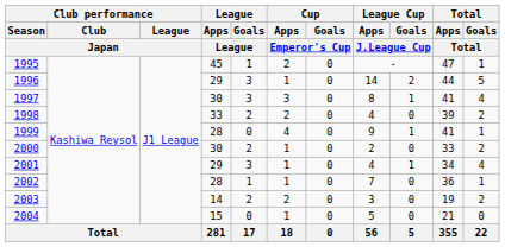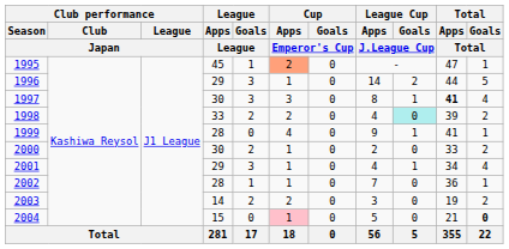 <table class="wikitable" style="text-align:center;">
 <tr>
 <th colspan=3>Club performance</th>
 <th colspan=2>League</th>
 <th colspan=2>Cup</th>
 <th colspan=2>League Cup</th>
 <th colspan=2>Total</th>
 </tr>
 <tr>
 <th>Season</th>
 <th>Club</th>
 <th>League</th>
 <th>Apps</th>
 <th>Goals</th>
 <th>Apps</th>
 <th>Goals</th>
 <th>Apps</th>
 <th>Goals</th>
 <th>Apps</th>
 <th>Goals</th>
 </tr>
 <tr>
 <th colspan=3>Japan</th>
 <th colspan=2>League</th>
 <th colspan=2><a href='#'>Emperor's Cup</a></th>
 <th colspan=2><a href='#'>J.League Cup</a></th>
 <th colspan=2>Total</th>
 </tr>
 <tr>
 <td><a href='#'>1995</a></td>
 <td rowspan="10"><a href='#'>Kashiwa Reysol</a></td>
 <td rowspan="10"><a href='#'>J1 League</a></td>
 <td>45</td>
 <td>1</td>
-<td>2</td>
+<td style="background: lightsalmon;">2</td>
 <td>0</td>
 <td colspan="2">-</td>
 <td>47</td>
 <td>1</td>
 </tr>
 <tr>
 <td><a href='#'>1996</a></td>
 <td>29</td>
 <td>3</td>
 <td>1</td>
 <td>0</td>
 <td>14</td>
 <td>2</td>
 <td>44</td>
 <td>5</td>
 </tr>
 <tr>
 <td><a href='#'>1997</a></td>
 <td>30</td>
 <td>3</td>
 <td>3</td>
 <td>0</td>
 <td>8</td>
 <td>1</td>
-<td>41</td>
+<td><strong>41</strong></td>
 <td>4</td>
 </tr>
 <tr>
 <td><a href='#'>1998</a></td>
 <td>33</td>
 <td>2</td>
 <td>2</td>
 <td>0</td>
 <td>4</td>
-<td>0</td>
+<td style="background: paleturquoise;">0</td>
 <td>39</td>
 <td>2</td>
 </tr>
 <tr>
 <td><a href='#'>1999</a></td>
 <td>28</td>
 <td>0</td>
 <td>4</td>
 <td>0</td>
 <td>9</td>
 <td>1</td>
 <td>41</td>
 <td>1</td>
 </tr>
 <tr>
 <td><a href='#'>2000</a></td>
 <td>30</td>
 <td>2</td>
 <td>1</td>
 <td>0</td>
 <td>2</td>
 <td>0</td>
 <td>33</td>
 <td>2</td>
 </tr>
 <tr>
 <td><a href='#'>2001</a></td>
 <td>29</td>
 <td>3</td>
 <td>1</td>
 <td>0</td>
 <td>4</td>
 <td>1</td>
 <td>34</td>
 <td>4</td>
 </tr>
 <tr>
 <td><a href='#'>2002</a></td>
 <td>28</td>
 <td>1</td>
 <td>1</td>
 <td>0</td>
 <td>7</td>
 <td>0</td>
 <td>36</td>
 <td>1</td>
 </tr>
 <tr>
 <td><a href='#'>2003</a></td>
 <td>14</td>
 <td>2</td>
 <td>2</td>
 <td>0</td>
 <td>3</td>
 <td>0</td>
 <td>19</td>
 <td>2</td>
 </tr>
 <tr>
 <td><a href='#'>2004</a></td>
 <td>15</td>
 <td>0</td>
-<td>1</td>
+<td style="background: pink;">1</td>
 <td>0</td>
 <td>5</td>
 <td>0</td>
 <td>21</td>
-<td>0</td>
+<td><strong>0</strong></td>
 </tr>
 <tr>
 <th colspan=3>Total</th>
 <th>281</th>
 <th>17</th>
 <th>18</th>
 <th>0</th>
 <th>56</th>
 <th>5</th>
 <th>355</th>
 <th>22</th>
 </tr>
 </table>
